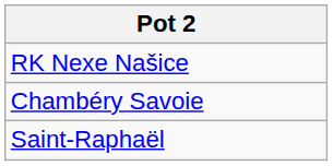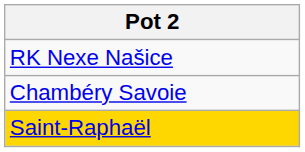 <table class="wikitable">
 <tr>
 <th width=205>Pot 2</th>
 </tr>
 <tr>
 <td> <a href='#'>RK Nexe Našice</a></td>
 </tr>
 <tr>
 <td> <a href='#'>Chambéry Savoie</a></td>
 </tr>
 <tr>
-<td> <a href='#'>Saint-Raphaël</a></td>
+<td style="background: gold;"> <a href='#'>Saint-Raphaël</a></td>
 </tr>
 </table>
